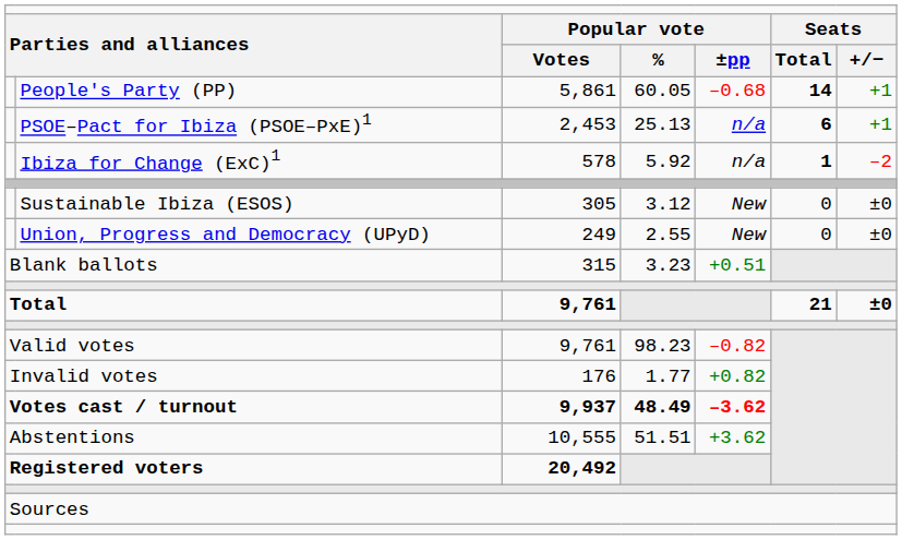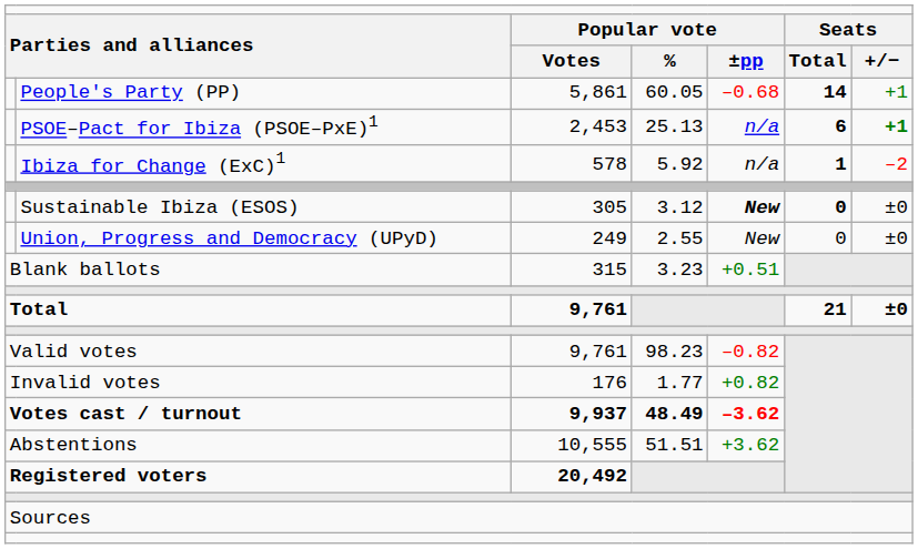 <table class="wikitable" style="text-align:right;">
 <tr>
 <td colspan="7"></td>
 </tr>
 <tr>
 <th style="text-align:left;" rowspan="2" colspan="2" width="525">Parties and alliances</th>
 <th colspan="3">Popular vote</th>
 <th colspan="2">Seats</th>
 </tr>
 <tr>
 <th width="75">Votes</th>
 <th width="45">%</th>
 <th width="45">±<a href='#'>pp</a></th>
 <th width="35">Total</th>
 <th width="35">+/−</th>
 </tr>
 <tr>
 <td width="1" style="color:inherit;background:"></td>
 <td align="left"><a href='#'>People's Party</a> (PP)</td>
 <td>5,861</td>
 <td>60.05</td>
 <td style="color:red;">–0.68</td>
 <td><strong>14</strong></td>
 <td style="color:green;">+1</td>
 </tr>
 <tr>
 <td style="color:inherit;background:"></td>
 <td align="left"><a href='#'>PSOE</a>–<a href='#'>Pact for Ibiza</a> (PSOE–PxE)<sup>1</sup></td>
 <td>2,453</td>
 <td>25.13</td>
 <td><em><a href='#'>n/a</a></em></td>
 <td><strong>6</strong></td>
-<td style="color:green;">+1</td>
+<td style="color:green;"><strong>+1</strong></td>
 </tr>
 <tr>
 <td style="color:inherit;background:"></td>
 <td align="left"><a href='#'>Ibiza for Change</a> (ExC)<sup>1</sup></td>
 <td>578</td>
 <td>5.92</td>
 <td><em>n/a</em></td>
 <td><strong>1</strong></td>
 <td style="color:red;">–2</td>
 </tr>
 <tr>
 <td colspan="7" style="color:inherit;background:#C0C0C0"></td>
 </tr>
 <tr>
 <td style="color:inherit;background:"></td>
 <td align="left">Sustainable Ibiza (ESOS)</td>
 <td>305</td>
 <td>3.12</td>
-<td><em>New</em></td>
-<td>0</td>
+<td><strong><em>New</em></strong></td>
+<td><strong>0</strong></td>
 <td>±0</td>
 </tr>
 <tr>
 <td style="color:inherit;background:"></td>
 <td align="left"><a href='#'>Union, Progress and Democracy</a> (UPyD)</td>
 <td>249</td>
 <td>2.55</td>
 <td><em>New</em></td>
 <td>0</td>
 <td>±0</td>
 </tr>
 <tr>
 <td align="left" colspan="2">Blank ballots</td>
 <td>315</td>
 <td>3.23</td>
 <td style="color:green;">+0.51</td>
 <td style="color:inherit;background:#E9E9E9" colspan="2"></td>
 </tr>
 <tr>
 <td colspan="7" style="color:inherit;background:#E9E9E9"></td>
 </tr>
 <tr style="font-weight:bold;">
 <td align="left" colspan="2">Total</td>
 <td>9,761</td>
 <td bgcolor="#E9E9E9" colspan="2"></td>
 <td>21</td>
 <td>±0</td>
 </tr>
 <tr>
 <td colspan="7" style="color:inherit;background:#E9E9E9"></td>
 </tr>
 <tr>
 <td align="left" colspan="2">Valid votes</td>
 <td>9,761</td>
 <td>98.23</td>
 <td style="color:red;">–0.82</td>
 <td bgcolor="#E9E9E9" colspan="2" rowspan="5"></td>
 </tr>
 <tr>
 <td align="left" colspan="2">Invalid votes</td>
 <td>176</td>
 <td>1.77</td>
 <td style="color:green;">+0.82</td>
 </tr>
 <tr style="font-weight:bold;">
 <td align="left" colspan="2">Votes cast / turnout</td>
 <td>9,937</td>
 <td>48.49</td>
 <td style="color:red;">–3.62</td>
 </tr>
 <tr>
 <td align="left" colspan="2">Abstentions</td>
 <td>10,555</td>
 <td>51.51</td>
 <td style="color:green;">+3.62</td>
 </tr>
 <tr style="font-weight:bold;">
 <td align="left" colspan="2">Registered voters</td>
 <td>20,492</td>
 <td bgcolor="#E9E9E9" colspan="2"></td>
 </tr>
 <tr>
 <td colspan="7" style="color:inherit;background:#E9E9E9"></td>
 </tr>
 <tr>
 <td align="left" colspan="7">Sources</td>
 </tr>
 <tr>
 <td colspan="7" style="text-align:left; max-width:790px;"></td>
 </tr>
 </table>
